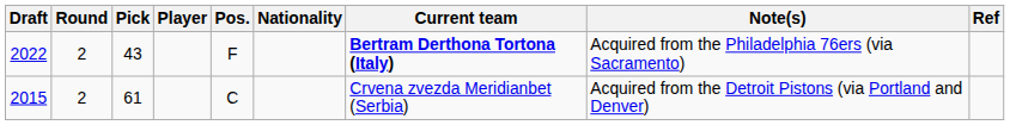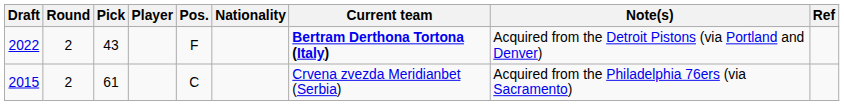 <table class="wikitable sortable" style="text-align:left; font-size:90%;">
 <tr>
 <th>Draft</th>
 <th>Round</th>
 <th>Pick</th>
 <th>Player</th>
 <th>Pos.</th>
 <th>Nationality</th>
 <th>Current team</th>
 <th>Note(s)</th>
 <th class="unsortable">Ref</th>
 </tr>
 <tr>
 <td style="text-align:center;"><a href='#'>2022</a></td>
 <td style="text-align:center;">2</td>
 <td style="text-align:center;">43</td>
 <td></td>
 <td style="text-align:center;">F</td>
 <td></td>
 <td><strong><a href='#'>Bertram Derthona Tortona</a> (<a href='#'>Italy</a>)</strong></td>
-<td>Acquired from the <a href='#'>Philadelphia 76ers</a> (via <a href='#'>Sacramento</a>)</td>
+<td>Acquired from the <a href='#'>Detroit Pistons</a> (via <a href='#'>Portland</a> and <a href='#'>Denver</a>)</td>
 <td style="text-align:center;"></td>
 </tr>
 <tr>
 <td style="text-align:center;"><a href='#'>2015</a></td>
 <td style="text-align:center;">2</td>
 <td style="text-align:center;">61</td>
 <td></td>
 <td style="text-align:center;">C</td>
 <td></td>
 <td><a href='#'>Crvena zvezda Meridianbet</a> (<a href='#'>Serbia</a>)</td>
-<td>Acquired from the <a href='#'>Detroit Pistons</a> (via <a href='#'>Portland</a> and <a href='#'>Denver</a>)</td>
+<td>Acquired from the <a href='#'>Philadelphia 76ers</a> (via <a href='#'>Sacramento</a>)</td>
 <td style="text-align:center;"></td>
 </tr>
 </table>
